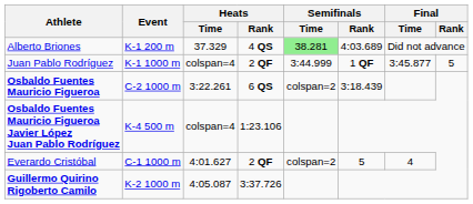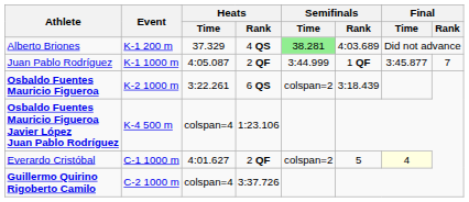 <table class=wikitable style="font-size:90%;">
 <tr>
 <th rowspan="2">Athlete</th>
 <th rowspan="2">Event</th>
 <th colspan=2>Heats</th>
 <th colspan=2>Semifinals</th>
 <th colspan=2>Final</th>
 </tr>
 <tr style="font-size:95%">
 <th>Time</th>
 <th>Rank</th>
 <th>Time</th>
 <th>Rank</th>
 <th>Time</th>
 <th>Rank</th>
 </tr>
 <tr align=center>
 <td align=left><a href='#'>Alberto Briones</a></td>
 <td align=left><a href='#'>K-1 200 m</a></td>
 <td>37.329</td>
 <td>4 <strong>QS</strong></td>
 <td style="background: lightgreen;">38.281</td>
 <td>4:03.689</td>
 <td colspan=2>Did not advance</td>
 </tr>
 <tr align=center>
 <td align=left><a href='#'>Juan Pablo Rodríguez</a></td>
 <td align=left><a href='#'>K-1 1000 m</a></td>
-<td>colspan=4 </td>
+<td>4:05.087</td>
 <td>2 <strong>QF</strong></td>
 <td>3:44.999</td>
 <td>1 <strong>QF</strong></td>
 <td>3:45.877</td>
-<td>5</td>
+<td>7</td>
 </tr>
 <tr align=center>
 <td align=left><strong><a href='#'>Osbaldo Fuentes</a><br><a href='#'>Mauricio Figueroa</a></strong></td>
-<td align=left><a href='#'>C-2 1000 m</a></td>
+<td align=left><a href='#'>K-2 1000 m</a></td>
 <td>3:22.261</td>
 <td>6 <strong>QS</strong></td>
 <td>colspan=2 </td>
 <td>3:18.439</td>
 <td></td>
 </tr>
 <tr align=center>
 <td align=left><strong><a href='#'>Osbaldo Fuentes</a><br><a href='#'>Mauricio Figueroa</a><br><a href='#'>Javier López</a><br><a href='#'>Juan Pablo Rodríguez</a></strong></td>
 <td align=left><a href='#'>K-4 500 m</a></td>
 <td>colspan=4 </td>
 <td>1:23.106</td>
 <td></td>
 </tr>
 <tr align=center>
 <td align=left><a href='#'>Everardo Cristóbal</a></td>
 <td align=left><a href='#'>C-1 1000 m</a></td>
 <td>4:01.627</td>
 <td>2 <strong>QF</strong></td>
 <td>colspan=2 </td>
 <td>5</td>
-<td>4</td>
+<td style="background: lightyellow;">4</td>
 </tr>
 <tr align=center>
 <td align=left><strong><a href='#'>Guillermo Quirino</a><br><a href='#'>Rigoberto Camilo</a></strong></td>
-<td align=left><a href='#'>K-2 1000 m</a></td>
-<td>4:05.087</td>
+<td align=left><a href='#'>C-2 1000 m</a></td>
+<td>colspan=4 </td>
 <td>3:37.726</td>
 <td></td>
 </tr>
 </table>
